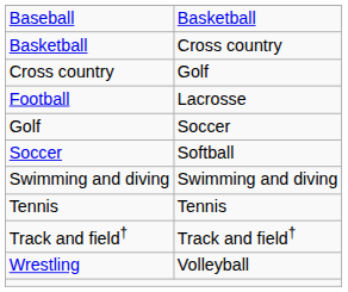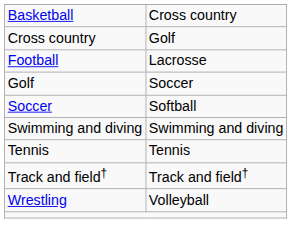 <table class="wikitable" style=" ">
 <tr>
-</tr>
-<tr>
-<td><a href='#'>Baseball</a></td>
-<td><a href='#'>Basketball</a></td>
 </tr>
 <tr>
 <td><a href='#'>Basketball</a></td>
 <td>Cross country</td>
 </tr>
 <tr>
 <td>Cross country</td>
 <td>Golf</td>
 </tr>
 <tr>
 <td><a href='#'>Football</a></td>
 <td>Lacrosse</td>
 </tr>
 <tr>
 <td>Golf</td>
 <td>Soccer</td>
 </tr>
 <tr>
 <td><a href='#'>Soccer</a></td>
 <td>Softball</td>
 </tr>
 <tr>
 <td>Swimming and diving</td>
 <td>Swimming and diving</td>
 </tr>
 <tr>
 <td>Tennis</td>
 <td>Tennis</td>
 </tr>
 <tr>
 <td>Track and field<sup>†</sup></td>
 <td>Track and field<sup>†</sup></td>
 </tr>
 <tr>
 <td><a href='#'>Wrestling</a></td>
 <td>Volleyball</td>
 </tr>
 <tr>
 <td colspan="2"></td>
 </tr>
 </table>
